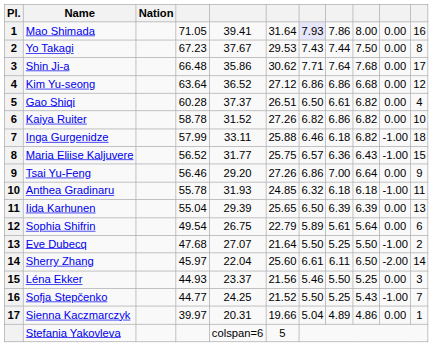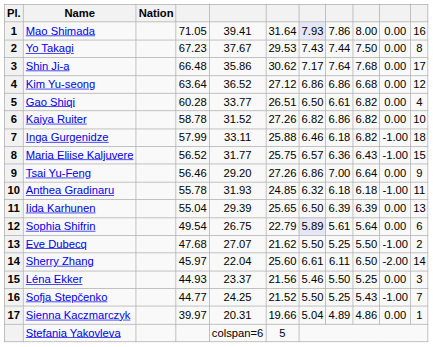 <table class="wikitable sortable" style="text-align:center">
 <tr>
 <th>Pl.</th>
 <th>Name</th>
 <th>Nation</th>
 <th></th>
 <th></th>
 <th></th>
 <th></th>
 <th></th>
 <th></th>
 <th></th>
 <th></th>
 </tr>
 <tr>
 <th>1</th>
 <td align=left><a href='#'>Mao Shimada</a></td>
 <td align=left></td>
 <td>71.05</td>
 <td>39.41</td>
 <td>31.64</td>
 <td style="background: lavender;">7.93</td>
 <td>7.86</td>
 <td>8.00</td>
 <td>0.00</td>
 <td>16</td>
 </tr>
 <tr>
 <th>2</th>
 <td align=left><a href='#'>Yo Takagi</a></td>
 <td align=left></td>
 <td>67.23</td>
 <td>37.67</td>
 <td>29.53</td>
 <td>7.43</td>
 <td>7.44</td>
 <td>7.50</td>
 <td>0.00</td>
 <td>8</td>
 </tr>
 <tr>
 <th>3</th>
 <td align=left><a href='#'>Shin Ji-a</a></td>
 <td align=left></td>
 <td>66.48</td>
 <td>35.86</td>
 <td>30.62</td>
-<td>7.71</td>
+<td>7.17</td>
 <td>7.64</td>
 <td>7.68</td>
 <td>0.00</td>
 <td>17</td>
 </tr>
 <tr>
 <th>4</th>
 <td align=left><a href='#'>Kim Yu-seong</a></td>
 <td align=left></td>
 <td>63.64</td>
 <td>36.52</td>
 <td>27.12</td>
 <td>6.86</td>
 <td>6.86</td>
 <td>6.68</td>
 <td>0.00</td>
 <td>12</td>
 </tr>
 <tr>
 <th>5</th>
 <td align=left><a href='#'>Gao Shiqi</a></td>
 <td align=left></td>
 <td>60.28</td>
-<td>37.37</td>
+<td>33.77</td>
 <td>26.51</td>
 <td>6.50</td>
 <td>6.61</td>
 <td>6.82</td>
 <td>0.00</td>
 <td>4</td>
 </tr>
 <tr>
 <th>6</th>
 <td align=left><a href='#'>Kaiya Ruiter</a></td>
 <td align=left></td>
 <td>58.78</td>
 <td>31.52</td>
 <td>27.26</td>
 <td>6.82</td>
 <td>6.86</td>
 <td>6.82</td>
 <td>0.00</td>
 <td>10</td>
 </tr>
 <tr>
 <th>7</th>
 <td align=left><a href='#'>Inga Gurgenidze</a></td>
 <td align=left></td>
 <td>57.99</td>
 <td>33.11</td>
 <td>25.88</td>
 <td>6.46</td>
 <td>6.18</td>
 <td>6.82</td>
 <td>-1.00</td>
 <td>18</td>
 </tr>
 <tr>
 <th>8</th>
 <td align=left><a href='#'>Maria Eliise Kaljuvere</a></td>
 <td align=left></td>
 <td>56.52</td>
 <td>31.77</td>
 <td>25.75</td>
 <td>6.57</td>
 <td>6.36</td>
 <td>6.43</td>
 <td>-1.00</td>
 <td>15</td>
 </tr>
 <tr>
 <th>9</th>
 <td align=left><a href='#'>Tsai Yu-Feng</a></td>
 <td align=left></td>
 <td>56.46</td>
 <td>29.20</td>
 <td>27.26</td>
 <td>6.86</td>
 <td>7.00</td>
 <td>6.64</td>
 <td>0.00</td>
 <td>9</td>
 </tr>
 <tr>
 <th>10</th>
 <td align=left><a href='#'>Anthea Gradinaru</a></td>
 <td align=left></td>
 <td>55.78</td>
 <td>31.93</td>
 <td>24.85</td>
 <td>6.32</td>
 <td>6.18</td>
 <td>6.18</td>
 <td>-1.00</td>
 <td>11</td>
 </tr>
 <tr>
 <th>11</th>
 <td align=left><a href='#'>Iida Karhunen</a></td>
 <td align=left></td>
 <td>55.04</td>
 <td>29.39</td>
 <td>25.65</td>
 <td>6.50</td>
 <td>6.39</td>
 <td>6.39</td>
 <td>0.00</td>
 <td>13</td>
 </tr>
 <tr>
 <th>12</th>
 <td align=left><a href='#'>Sophia Shifrin</a></td>
 <td align=left></td>
 <td>49.54</td>
 <td>26.75</td>
 <td>22.79</td>
-<td>5.89</td>
+<td style="background: lavender;">5.89</td>
 <td>5.61</td>
 <td>5.64</td>
 <td>0.00</td>
 <td>6</td>
 </tr>
 <tr>
 <th>13</th>
 <td align=left><a href='#'>Eve Dubecq</a></td>
 <td align=left></td>
 <td>47.68</td>
 <td>27.07</td>
-<td>21.64</td>
+<td>21.62</td>
 <td>5.50</td>
 <td>5.25</td>
 <td>5.50</td>
 <td>-1.00</td>
 <td>2</td>
 </tr>
 <tr>
 <th>14</th>
 <td align=left><a href='#'>Sherry Zhang</a></td>
 <td align=left></td>
 <td>45.97</td>
 <td>22.04</td>
 <td>25.60</td>
 <td>6.61</td>
 <td>6.11</td>
 <td>6.50</td>
 <td>-2.00</td>
 <td>14</td>
 </tr>
 <tr>
 <th>15</th>
 <td align=left><a href='#'>Léna Ekker</a></td>
 <td align=left></td>
 <td>44.93</td>
 <td>23.37</td>
 <td>21.56</td>
 <td>5.46</td>
 <td>5.50</td>
 <td>5.25</td>
 <td>0.00</td>
 <td>3</td>
 </tr>
 <tr>
 <th>16</th>
 <td align=left><a href='#'>Sofja Stepčenko</a></td>
 <td align=left></td>
 <td>44.77</td>
 <td>24.25</td>
 <td>21.52</td>
 <td>5.50</td>
 <td>5.25</td>
 <td>5.43</td>
 <td>-1.00</td>
 <td>7</td>
 </tr>
 <tr>
 <th>17</th>
 <td align=left><a href='#'>Sienna Kaczmarczyk</a></td>
 <td align=left></td>
 <td>39.97</td>
 <td>20.31</td>
 <td>19.66</td>
 <td>5.04</td>
 <td>4.89</td>
 <td>4.86</td>
 <td>0.00</td>
 <td>1</td>
 </tr>
 <tr>
 <th></th>
 <td align=left><a href='#'>Stefania Yakovleva</a></td>
 <td align=left></td>
 <td></td>
 <td>colspan=6 </td>
 <td>5</td>
 </tr>
 </table>
